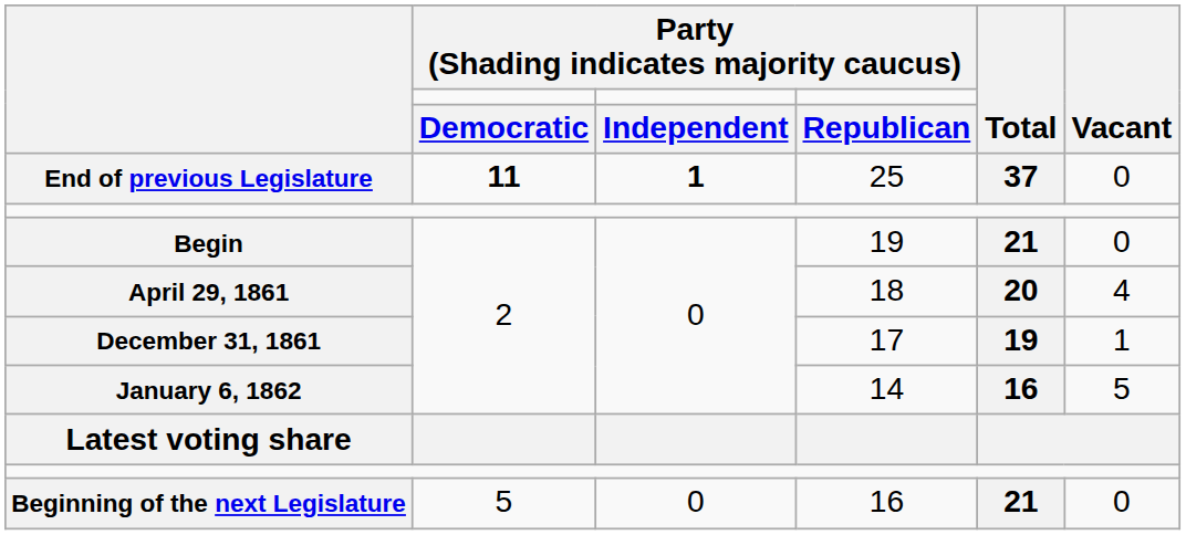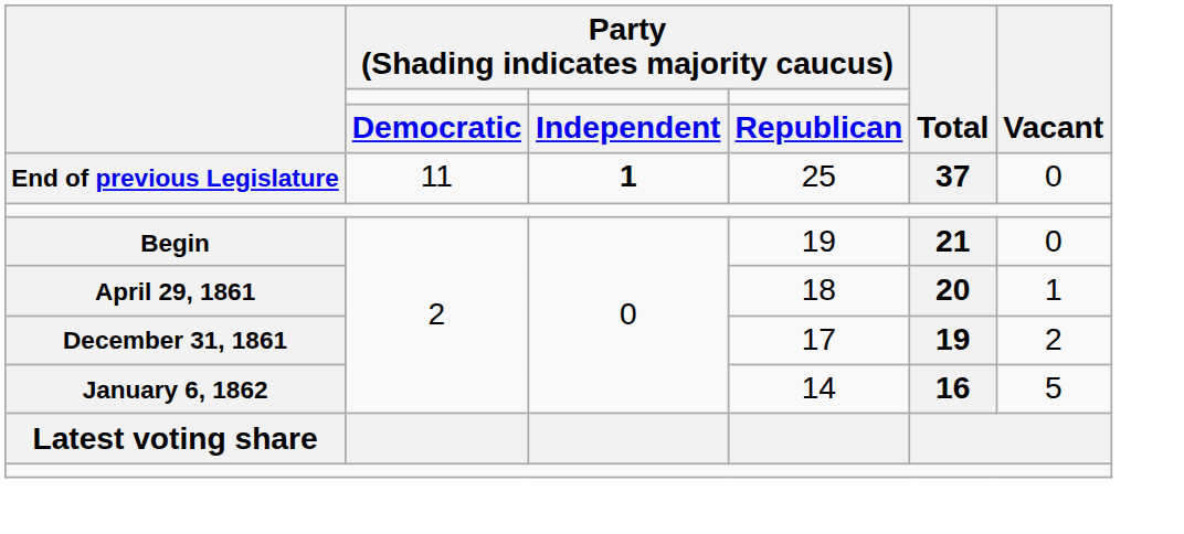 <table class=wikitable style="text-align:center">
 <tr style="vertical-align:bottom;">
 <th rowspan=3></th>
 <th colspan=3>Party <div>(Shading indicates majority caucus)</div></th>
 <th rowspan=3>Total</th>
 <th rowspan=3>Vacant</th>
 </tr>
 <tr style="height:5px">
 <td style="background-color:"></td>
 <td style="background-color:"></td>
 <td style="background-color:"></td>
 </tr>
 <tr>
 <th><a href='#'>Democratic</a></th>
 <th><a href='#'>Independent</a></th>
 <th><a href='#'>Republican</a></th>
 </tr>
 <tr>
 <th style="white-space:nowrap; font-size:80%;">End of <a href='#'>previous Legislature</a></th>
-<td><strong>11</strong></td>
+<td>11</td>
 <td><strong>1</strong></td>
 <td>25</td>
 <th>37</th>
 <td>0</td>
 </tr>
 <tr>
 <td colspan=6></td>
 </tr>
 <tr>
 <th style="font-size:80%">Begin</th>
 <td rowspan="4">2</td>
 <td rowspan="4">0</td>
 <td>19</td>
 <th>21</th>
 <td>0</td>
 </tr>
 <tr>
 <th style="font-size:80%">April 29, 1861</th>
 <td>18</td>
 <th>20</th>
-<td>4</td>
+<td>1</td>
 </tr>
 <tr>
 <th style="font-size:80%">December 31, 1861</th>
 <td>17</td>
 <th>19</th>
-<td>1</td>
+<td>2</td>
 </tr>
 <tr>
 <th style="font-size:80%">January 6, 1862</th>
 <td>14</td>
 <th>16</th>
 <td>5</td>
 </tr>
 <tr>
 <th>Latest voting share</th>
 <th></th>
 <th></th>
 <th></th>
 <th colspan=2></th>
 </tr>
 <tr>
 <td colspan=6></td>
 </tr>
-<tr>
-<th style="white-space:nowrap; font-size:80%;">Beginning of the <a href='#'>next Legislature</a></th>
-<td>5</td>
-<td>0</td>
-<td>16</td>
-<th>21</th>
-<td>0</td>
-</tr>
 </table>
